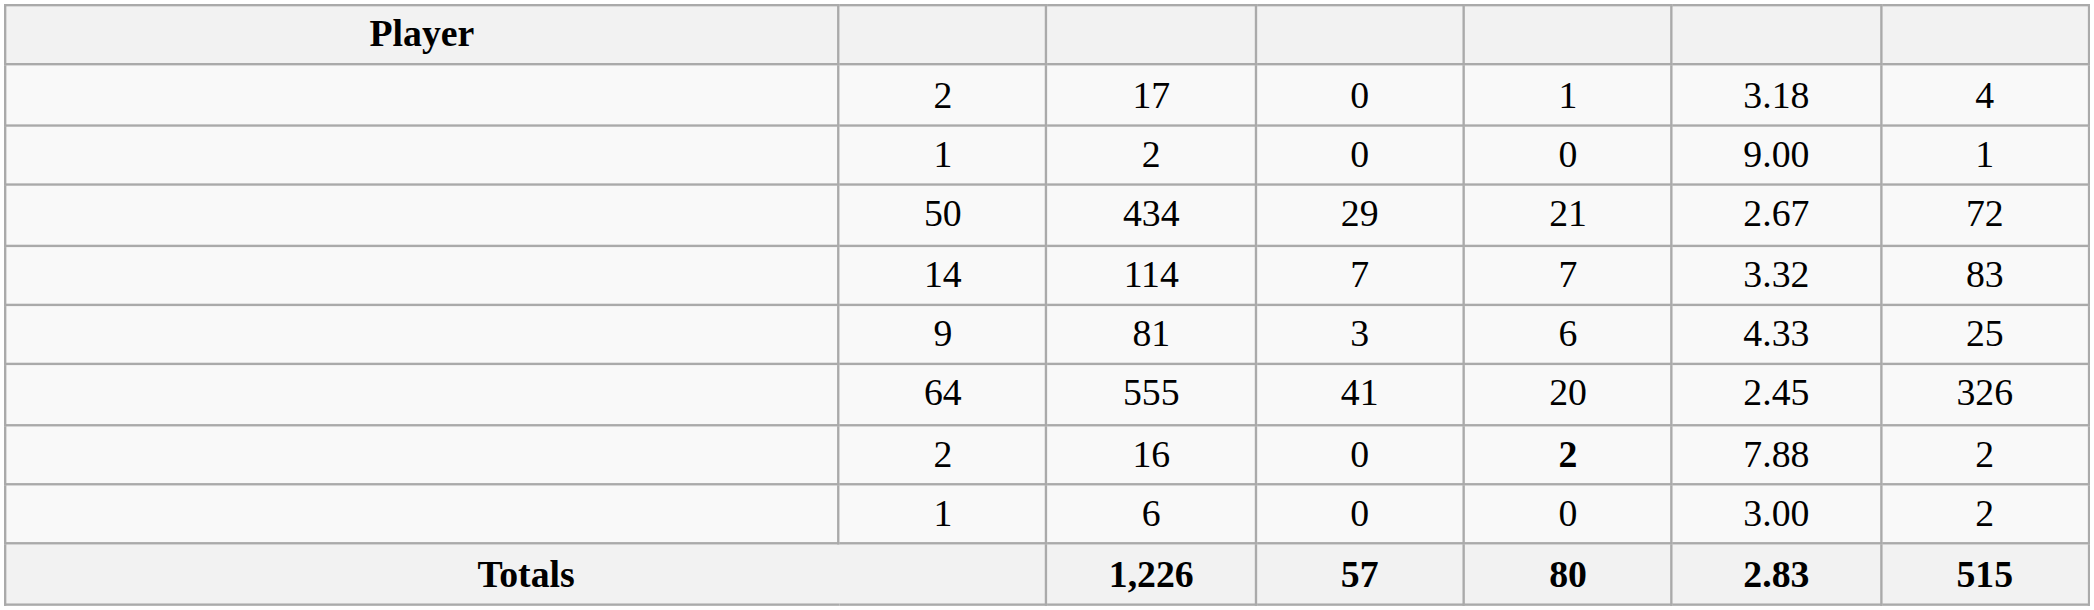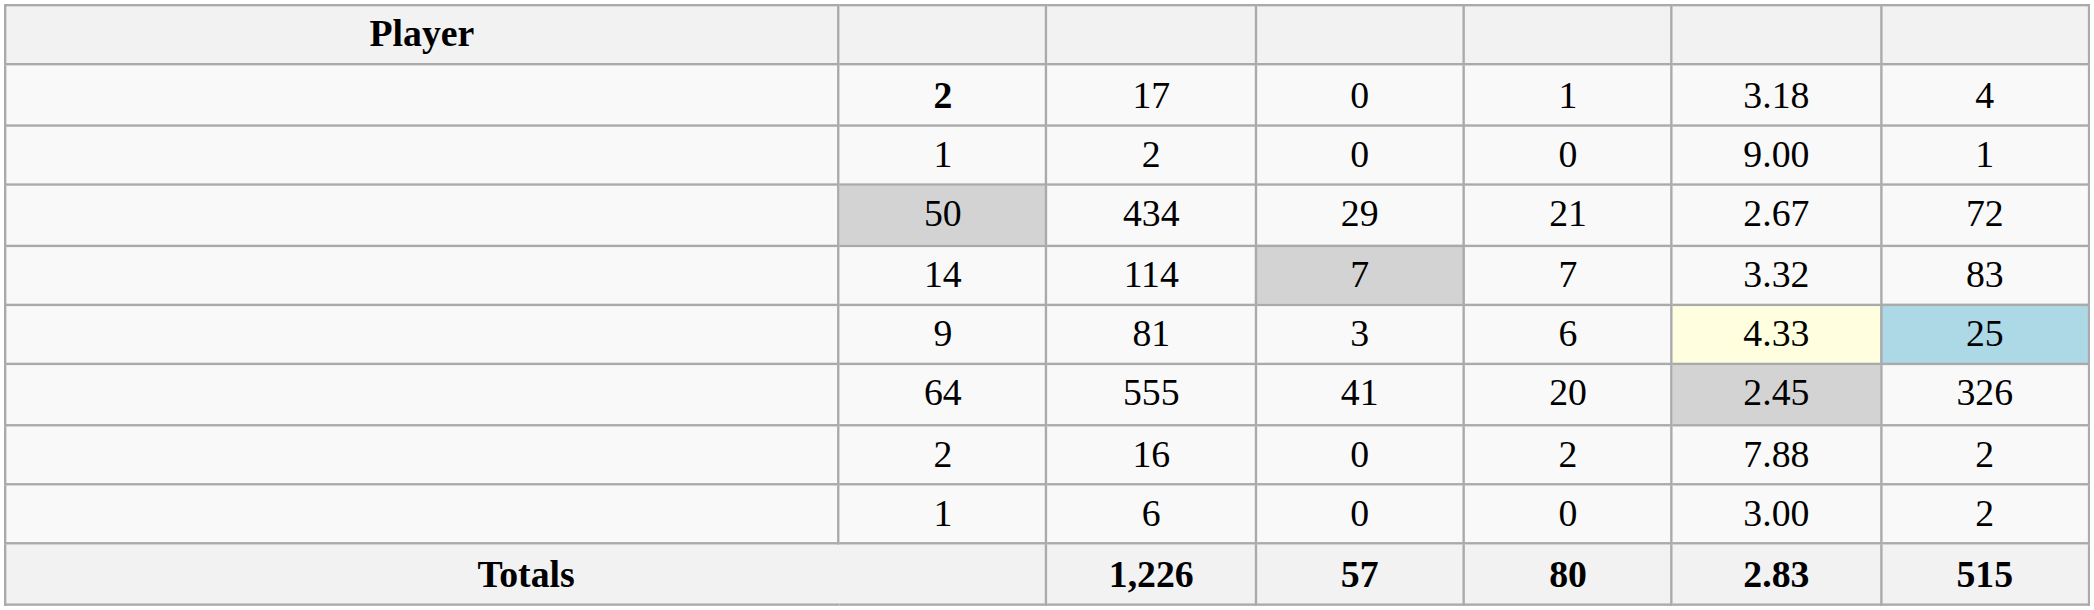 <table class="wikitable sortable" style="text-align:center;" width="100%">
 <tr>
 <th width="40%">Player</th>
 <th width="10%"></th>
 <th width="10%"></th>
 <th width="10%"></th>
 <th width="10%"></th>
 <th width="10%"></th>
 <th width="10%"></th>
 </tr>
 <tr>
 <td></td>
-<td>2</td>
+<td><strong>2</strong></td>
 <td>17</td>
 <td>0</td>
 <td>1</td>
 <td>3.18</td>
 <td>4</td>
 </tr>
 <tr>
 <td></td>
 <td>1</td>
 <td>2</td>
 <td>0</td>
 <td>0</td>
 <td>9.00</td>
 <td>1</td>
 </tr>
 <tr>
 <td></td>
-<td>50</td>
+<td style="background: lightgrey;">50</td>
 <td>434</td>
 <td>29</td>
 <td>21</td>
 <td>2.67</td>
 <td>72</td>
 </tr>
 <tr>
 <td></td>
 <td>14</td>
 <td>114</td>
-<td>7</td>
+<td style="background: lightgrey;">7</td>
 <td>7</td>
 <td>3.32</td>
 <td>83</td>
 </tr>
 <tr>
 <td></td>
 <td>9</td>
 <td>81</td>
 <td>3</td>
 <td>6</td>
-<td>4.33</td>
-<td>25</td>
+<td style="background: lightyellow;">4.33</td>
+<td style="background: lightblue;">25</td>
 </tr>
 <tr>
 <td></td>
 <td>64</td>
 <td>555</td>
 <td>41</td>
 <td>20</td>
-<td>2.45</td>
+<td style="background: lightgrey;">2.45</td>
 <td>326</td>
 </tr>
 <tr>
 <td></td>
 <td>2</td>
 <td>16</td>
 <td>0</td>
-<td><strong>2</strong></td>
+<td>2</td>
 <td>7.88</td>
 <td>2</td>
 </tr>
 <tr>
 <td></td>
 <td>1</td>
 <td>6</td>
 <td>0</td>
 <td>0</td>
 <td>3.00</td>
 <td>2</td>
 </tr>
 <tr class="sortbottom">
 <th colspan=2>Totals</th>
 <th>1,226</th>
 <th>57</th>
 <th>80</th>
 <th>2.83</th>
 <th>515</th>
 </tr>
 </table>
